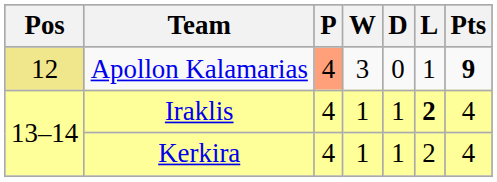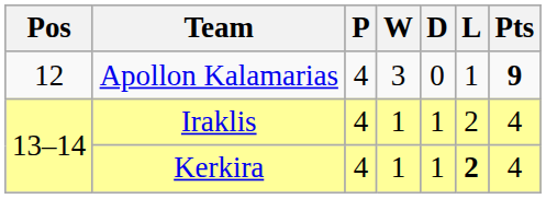 <table class="wikitable" style="text-align: center;">
 <tr>
 <th>Pos</th>
 <th>Team</th>
 <th>P</th>
 <th>W</th>
 <th>D</th>
 <th>L</th>
 <th>Pts</th>
 </tr>
 <tr>
-<td style="background: khaki;">12</td>
+<td>12</td>
 <td><a href='#'>Apollon Kalamarias</a></td>
-<td style="background: lightsalmon;">4</td>
+<td>4</td>
 <td>3</td>
 <td>0</td>
 <td>1</td>
 <td><strong>9</strong></td>
 </tr>
 <tr style="background: #FFFF99;">
 <td rowspan="2">13–14</td>
 <td><a href='#'>Iraklis</a></td>
 <td>4</td>
 <td>1</td>
 <td>1</td>
-<td><strong>2</strong></td>
+<td>2</td>
 <td>4</td>
 </tr>
 <tr style="background: #FFFF99;">
 <td><a href='#'>Kerkira</a></td>
 <td>4</td>
 <td>1</td>
 <td>1</td>
-<td>2</td>
+<td><strong>2</strong></td>
 <td>4</td>
 </tr>
 </table>
